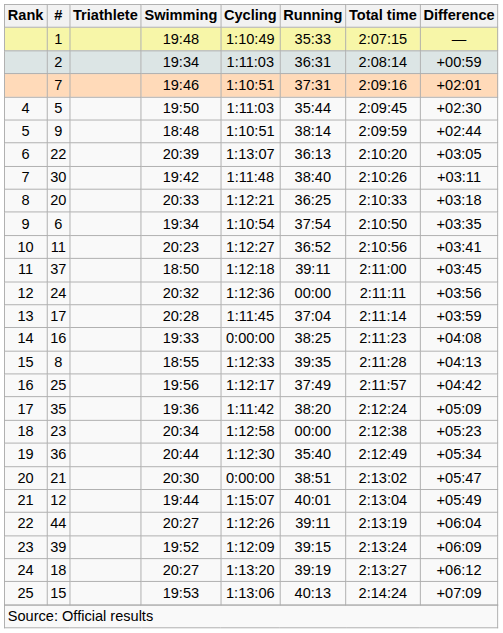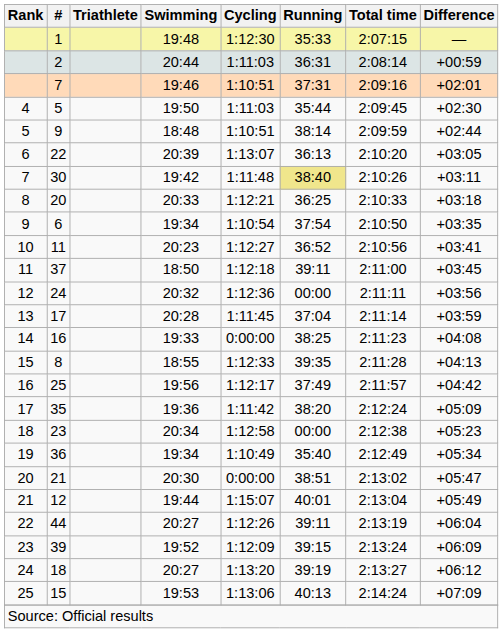 <table class="wikitable sortable" style="text-align:center">
 <tr>
 <th data-sort-type="number">Rank</th>
 <th>#</th>
 <th>Triathlete</th>
 <th>Swimming</th>
 <th>Cycling</th>
 <th>Running</th>
 <th>Total time</th>
 <th>Difference</th>
 </tr>
 <tr style="background:#F7F6A8;”">
 <td></td>
 <td>1</td>
 <td align=left></td>
 <td>19:48</td>
-<td>1:10:49</td>
+<td>1:12:30</td>
 <td>35:33</td>
 <td>2:07:15</td>
 <td>—</td>
 </tr>
 <tr style="background:#DCE5E5;”">
 <td></td>
 <td>2</td>
 <td align=left></td>
-<td>19:34</td>
+<td>20:44</td>
 <td>1:11:03</td>
 <td>36:31</td>
 <td>2:08:14</td>
 <td>+00:59</td>
 </tr>
 <tr style="background:#FFDAB9;">
 <td></td>
 <td>7</td>
 <td align=left></td>
 <td>19:46</td>
 <td>1:10:51</td>
 <td>37:31</td>
 <td>2:09:16</td>
 <td>+02:01</td>
 </tr>
 <tr>
 <td>4</td>
 <td>5</td>
 <td align=left></td>
 <td>19:50</td>
 <td>1:11:03</td>
 <td>35:44</td>
 <td>2:09:45</td>
 <td>+02:30</td>
 </tr>
 <tr>
 <td>5</td>
 <td>9</td>
 <td align=left></td>
 <td>18:48</td>
 <td>1:10:51</td>
 <td>38:14</td>
 <td>2:09:59</td>
 <td>+02:44</td>
 </tr>
 <tr>
 <td>6</td>
 <td>22</td>
 <td align=left></td>
 <td>20:39</td>
 <td>1:13:07</td>
 <td>36:13</td>
 <td>2:10:20</td>
 <td>+03:05</td>
 </tr>
 <tr>
 <td>7</td>
 <td>30</td>
 <td align=left></td>
 <td>19:42</td>
 <td>1:11:48</td>
-<td>38:40</td>
+<td style="background: khaki;">38:40</td>
 <td>2:10:26</td>
 <td>+03:11</td>
 </tr>
 <tr>
 <td>8</td>
 <td>20</td>
 <td align=left></td>
 <td>20:33</td>
 <td>1:12:21</td>
 <td>36:25</td>
 <td>2:10:33</td>
 <td>+03:18</td>
 </tr>
 <tr>
 <td>9</td>
 <td>6</td>
 <td align=left></td>
 <td>19:34</td>
 <td>1:10:54</td>
 <td>37:54</td>
 <td>2:10:50</td>
 <td>+03:35</td>
 </tr>
 <tr>
 <td>10</td>
 <td>11</td>
 <td align=left></td>
 <td>20:23</td>
 <td>1:12:27</td>
 <td>36:52</td>
 <td>2:10:56</td>
 <td>+03:41</td>
 </tr>
 <tr>
 <td>11</td>
 <td>37</td>
 <td align=left></td>
 <td>18:50</td>
 <td>1:12:18</td>
 <td>39:11</td>
 <td>2:11:00</td>
 <td>+03:45</td>
 </tr>
 <tr>
 <td>12</td>
 <td>24</td>
 <td align=left></td>
 <td>20:32</td>
 <td>1:12:36</td>
 <td>00:00</td>
 <td>2:11:11</td>
 <td>+03:56</td>
 </tr>
 <tr>
 <td>13</td>
 <td>17</td>
 <td align=left></td>
 <td>20:28</td>
 <td>1:11:45</td>
 <td>37:04</td>
 <td>2:11:14</td>
 <td>+03:59</td>
 </tr>
 <tr>
 <td>14</td>
 <td>16</td>
 <td align=left></td>
 <td>19:33</td>
 <td>0:00:00</td>
 <td>38:25</td>
 <td>2:11:23</td>
 <td>+04:08</td>
 </tr>
 <tr>
 <td>15</td>
 <td>8</td>
 <td align=left></td>
 <td>18:55</td>
 <td>1:12:33</td>
 <td>39:35</td>
 <td>2:11:28</td>
 <td>+04:13</td>
 </tr>
 <tr>
 <td>16</td>
 <td>25</td>
 <td align=left></td>
 <td>19:56</td>
 <td>1:12:17</td>
 <td>37:49</td>
 <td>2:11:57</td>
 <td>+04:42</td>
 </tr>
 <tr>
 <td>17</td>
 <td>35</td>
 <td align=left></td>
 <td>19:36</td>
 <td>1:11:42</td>
 <td>38:20</td>
 <td>2:12:24</td>
 <td>+05:09</td>
 </tr>
 <tr>
 <td>18</td>
 <td>23</td>
 <td align=left></td>
 <td>20:34</td>
 <td>1:12:58</td>
 <td>00:00</td>
 <td>2:12:38</td>
 <td>+05:23</td>
 </tr>
 <tr>
 <td>19</td>
 <td>36</td>
 <td align=left></td>
-<td>20:44</td>
-<td>1:12:30</td>
+<td>19:34</td>
+<td>1:10:49</td>
 <td>35:40</td>
 <td>2:12:49</td>
 <td>+05:34</td>
 </tr>
 <tr>
 <td>20</td>
 <td>21</td>
 <td align=left></td>
 <td>20:30</td>
 <td>0:00:00</td>
 <td>38:51</td>
 <td>2:13:02</td>
 <td>+05:47</td>
 </tr>
 <tr>
 <td>21</td>
 <td>12</td>
 <td align=left></td>
 <td>19:44</td>
 <td>1:15:07</td>
 <td>40:01</td>
 <td>2:13:04</td>
 <td>+05:49</td>
 </tr>
 <tr>
 <td>22</td>
 <td>44</td>
 <td align=left></td>
 <td>20:27</td>
 <td>1:12:26</td>
 <td>39:11</td>
 <td>2:13:19</td>
 <td>+06:04</td>
 </tr>
 <tr>
 <td>23</td>
 <td>39</td>
 <td align=left></td>
 <td>19:52</td>
 <td>1:12:09</td>
 <td>39:15</td>
 <td>2:13:24</td>
 <td>+06:09</td>
 </tr>
 <tr>
 <td>24</td>
 <td>18</td>
 <td align=left></td>
 <td>20:27</td>
 <td>1:13:20</td>
 <td>39:19</td>
 <td>2:13:27</td>
 <td>+06:12</td>
 </tr>
 <tr>
 <td>25</td>
 <td>15</td>
 <td align=left></td>
 <td>19:53</td>
 <td>1:13:06</td>
 <td>40:13</td>
 <td>2:14:24</td>
 <td>+07:09</td>
 </tr>
 <tr>
 </tr>
 <tr class="sortbottom">
 <td colspan="9" style="text-align:left;">Source: Official results</td>
 </tr>
 </table>
